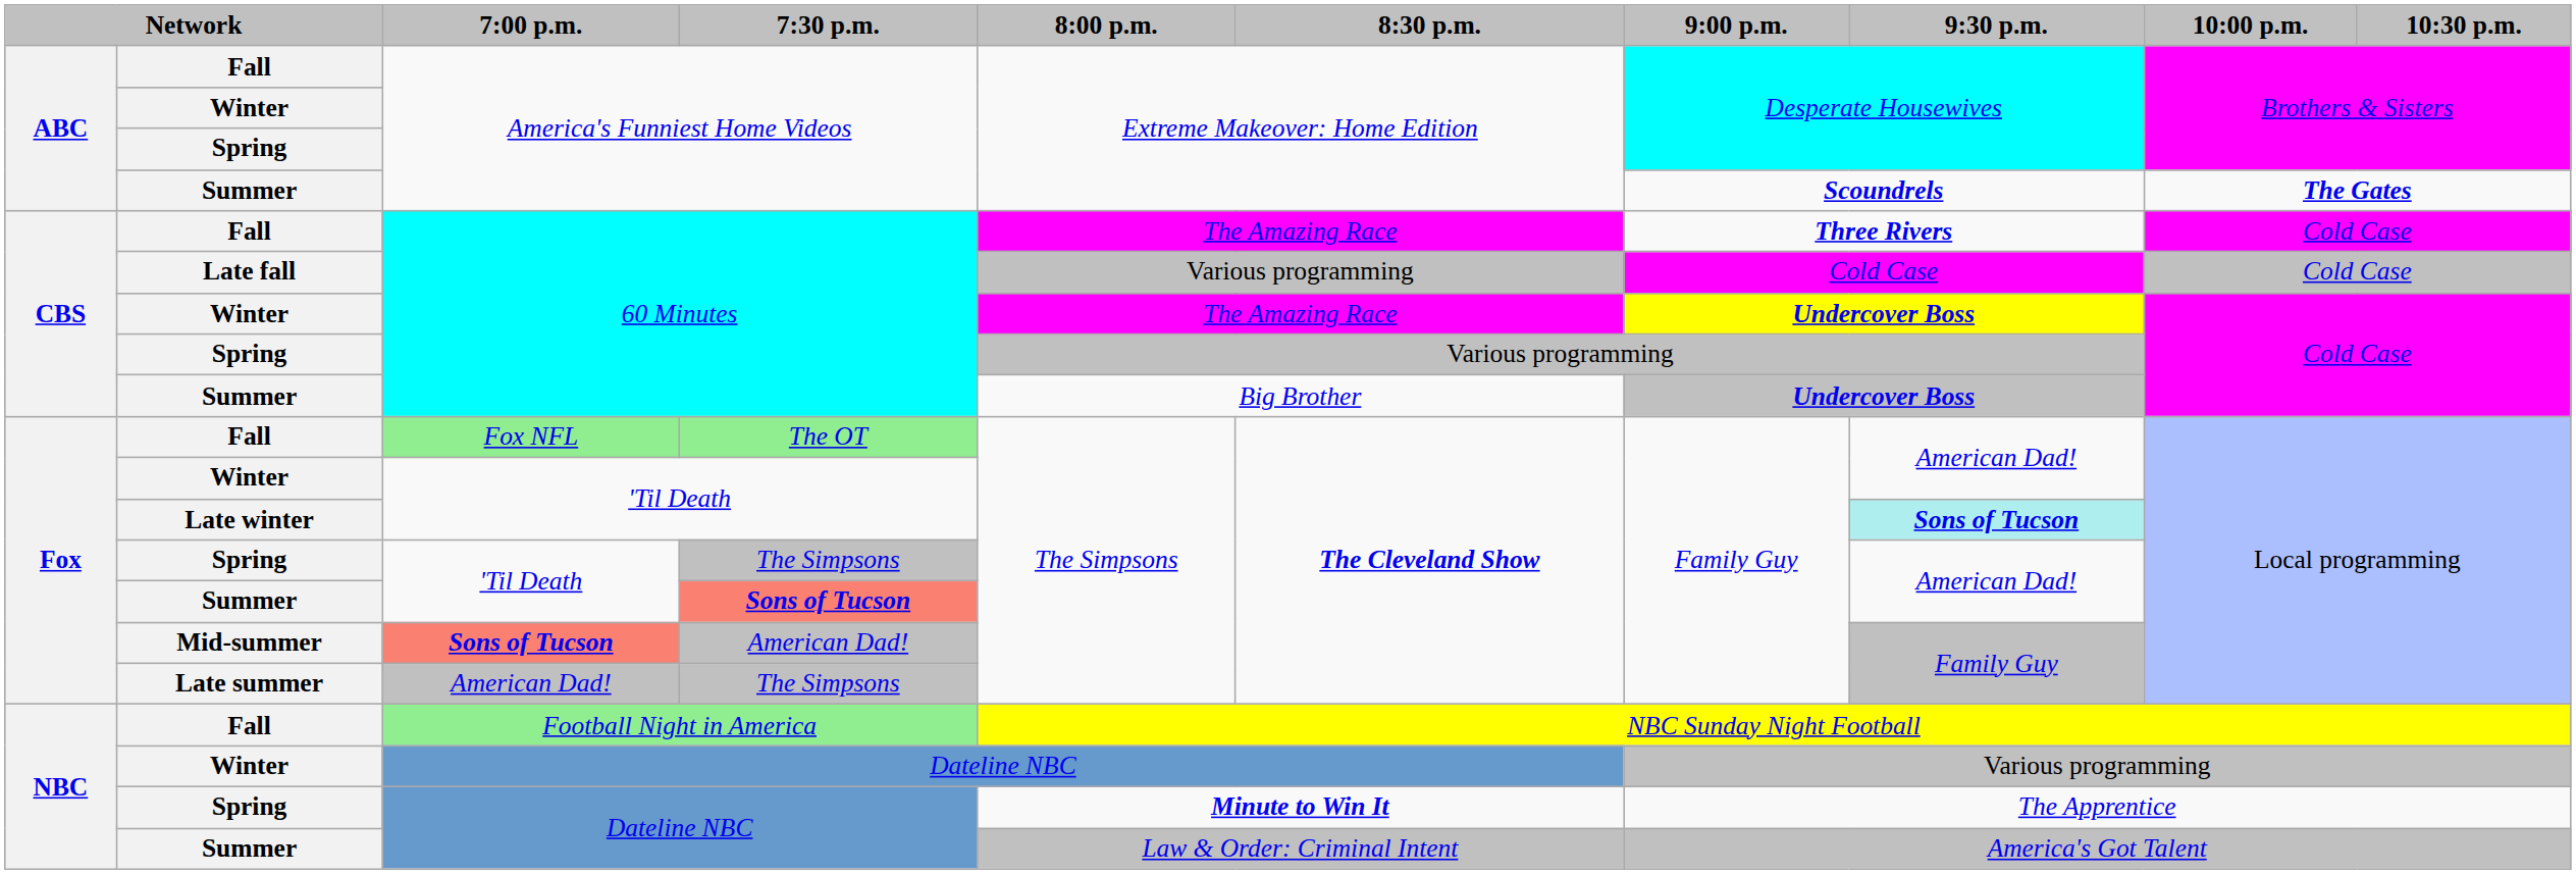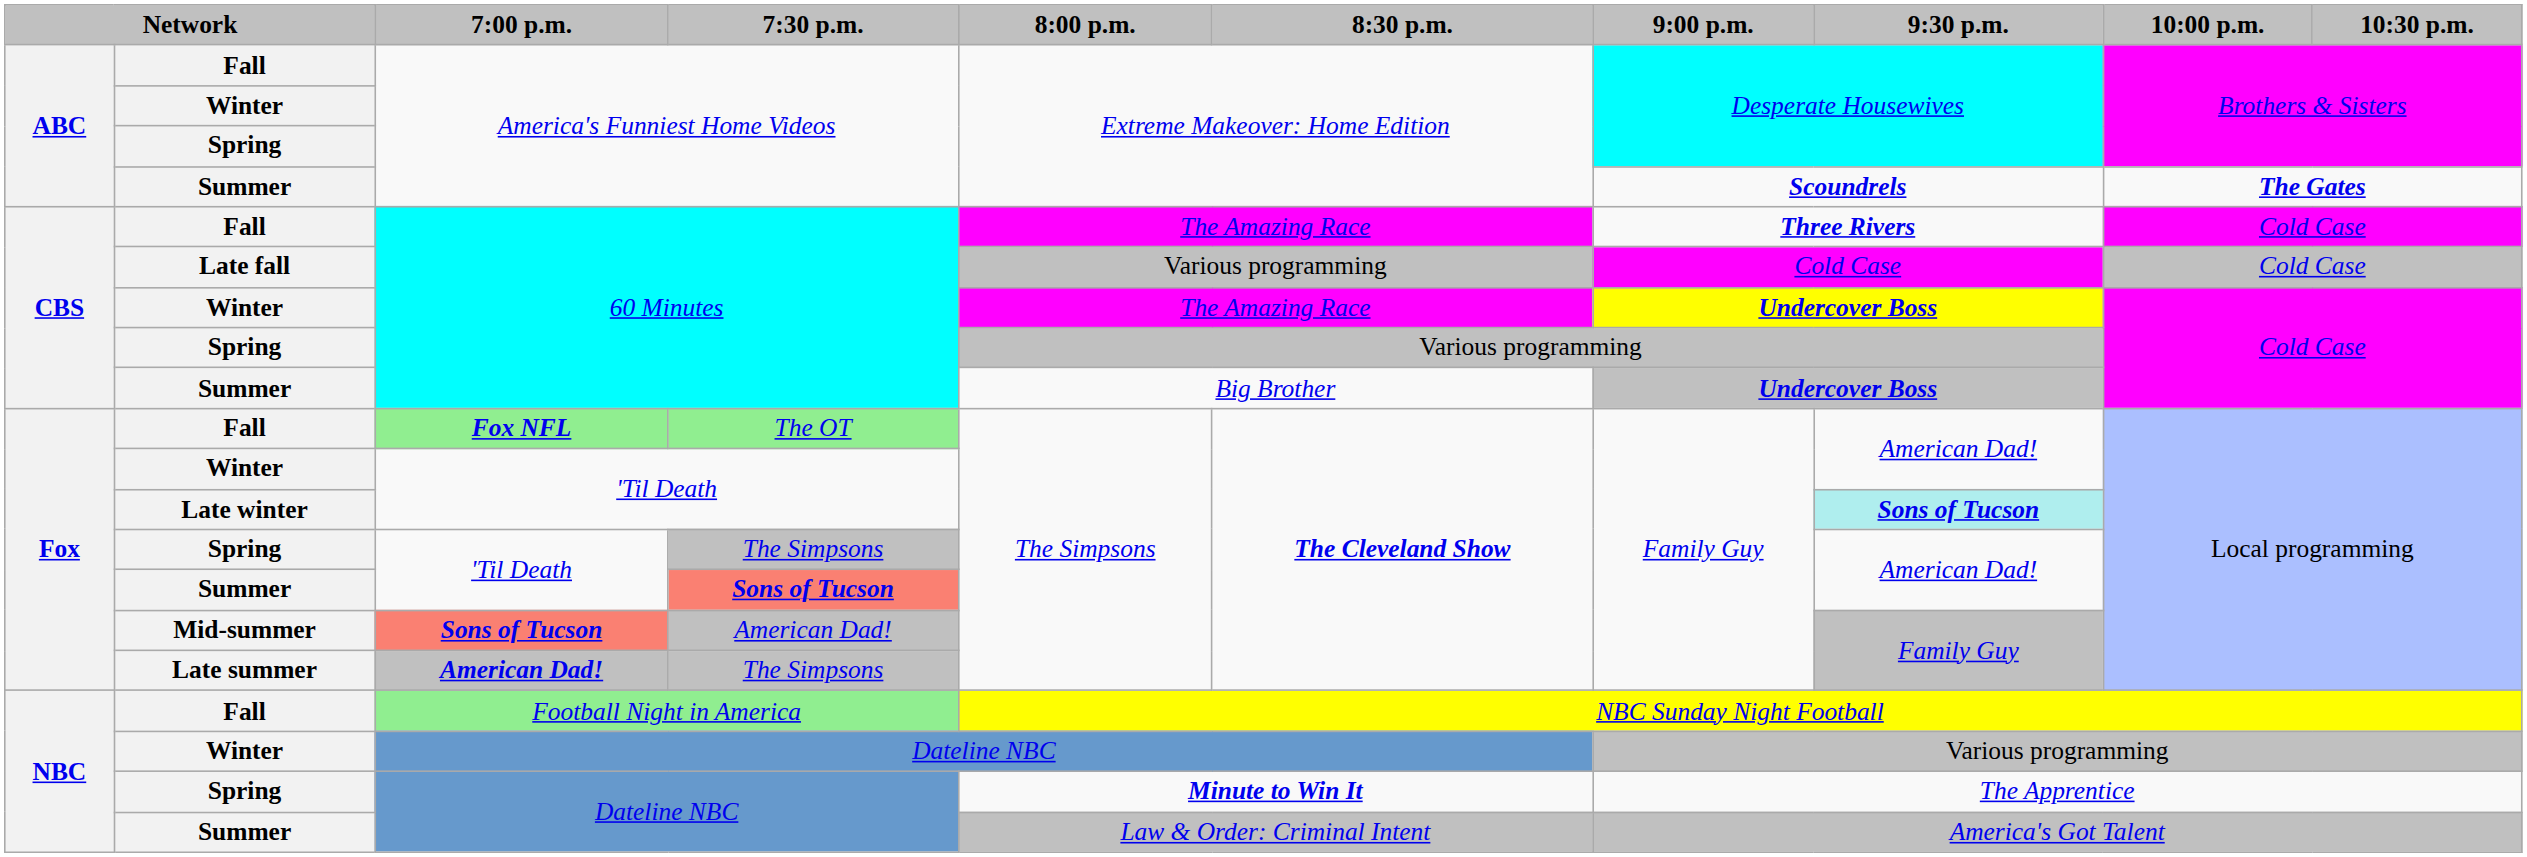 <table class="wikitable" style="width:100%;margin-right:0;text-align:center">
 <tr>
 <th colspan="2" style="background-color:#C0C0C0;text-align:center">Network</th>
 <th style="background-color:#C0C0C0;text-align:center">7:00 p.m.</th>
 <th style="background-color:#C0C0C0;text-align:center">7:30 p.m.</th>
 <th style="background-color:#C0C0C0;text-align:center">8:00 p.m.</th>
 <th style="background-color:#C0C0C0;text-align:center">8:30 p.m.</th>
 <th style="background-color:#C0C0C0;text-align:center">9:00 p.m.</th>
 <th style="background-color:#C0C0C0;text-align:center">9:30 p.m.</th>
 <th style="background-color:#C0C0C0;text-align:center">10:00 p.m.</th>
 <th style="background-color:#C0C0C0;text-align:center">10:30 p.m.</th>
 </tr>
 <tr>
 <th rowspan="4"><a href='#'>ABC</a></th>
 <th>Fall</th>
 <td colspan="2" rowspan="4"><em><a href='#'>America's Funniest Home Videos</a></em></td>
 <td colspan="2" rowspan="4"><em><a href='#'>Extreme Makeover: Home Edition</a></em></td>
 <td style="background:#00FFFF;" colspan="2" rowspan="3"><em><a href='#'>Desperate Housewives</a></em> </td>
 <td style="background:#FF00FF;" colspan="2" rowspan="3"><em><a href='#'>Brothers & Sisters</a></em> </td>
 </tr>
 <tr>
 <th>Winter</th>
 </tr>
 <tr>
 <th>Spring</th>
 </tr>
 <tr>
 <th>Summer</th>
 <td colspan="2"><strong><em><a href='#'>Scoundrels</a></em></strong></td>
 <td colspan="2"><strong><em><a href='#'>The Gates</a></em></strong></td>
 </tr>
 <tr>
 <th rowspan="5"><a href='#'>CBS</a></th>
 <th>Fall</th>
 <td style="background:#00FFFF;" colspan="2" rowspan="5"><em><a href='#'>60 Minutes</a></em> </td>
 <td style="background:#FF00FF;" colspan="2"><em><a href='#'>The Amazing Race</a></em> </td>
 <td colspan="2"><strong><em><a href='#'>Three Rivers</a></em></strong></td>
 <td style="background:#FF00FF;" colspan="2"><em><a href='#'>Cold Case</a></em> </td>
 </tr>
 <tr>
 <th>Late fall</th>
 <td colspan="2" style="background:#C0C0C0;">Various programming</td>
 <td style="background:#FF00FF;" colspan="2"><em><a href='#'>Cold Case</a></em> </td>
 <td style="background:#C0C0C0;" colspan="2"><em><a href='#'>Cold Case</a></em> </td>
 </tr>
 <tr>
 <th>Winter</th>
 <td style="background:#FF00FF;" colspan="2"><em><a href='#'>The Amazing Race</a></em> </td>
 <td style="background:#FFFF00;" colspan="2"><strong><em><a href='#'>Undercover Boss</a></em></strong> </td>
 <td style="background:#FF00FF;" colspan="2" rowspan="3"><em><a href='#'>Cold Case</a></em> </td>
 </tr>
 <tr>
 <th>Spring</th>
 <td colspan="4" style="background:#C0C0C0;">Various programming</td>
 </tr>
 <tr>
 <th>Summer</th>
 <td colspan="2"><em><a href='#'>Big Brother</a></em></td>
 <td style="background:#C0C0C0;" colspan="2"><strong><em><a href='#'>Undercover Boss</a></em></strong> </td>
 </tr>
 <tr>
 <th rowspan="7"><a href='#'>Fox</a></th>
 <th>Fall</th>
-<td style="background:lightgreen;"><em><a href='#'>Fox NFL</a></em> </td>
+<td style="background:lightgreen;"><strong><em><a href='#'>Fox NFL</a></em> </strong></td>
 <td style="background:lightgreen;"><em><a href='#'>The OT</a></em></td>
 <td rowspan="7"><em><a href='#'>The Simpsons</a></em></td>
 <td rowspan="7"><strong><em><a href='#'>The Cleveland Show</a></em></strong></td>
 <td rowspan="7"><em><a href='#'>Family Guy</a></em></td>
 <td rowspan="2"><em><a href='#'>American Dad!</a></em></td>
 <td style="background:#abbfff;" rowspan="7" colspan="2">Local programming</td>
 </tr>
 <tr>
 <th>Winter</th>
 <td rowspan="2" colspan="2"><em><a href='#'>'Til Death</a></em></td>
 </tr>
 <tr>
 <th>Late winter</th>
 <td style="background: paleturquoise;"><strong><em><a href='#'>Sons of Tucson</a></em></strong></td>
 </tr>
 <tr>
 <th>Spring</th>
 <td rowspan="2"><em><a href='#'>'Til Death</a></em></td>
 <td style="background:#C0C0C0;"><em><a href='#'>The Simpsons</a></em> </td>
 <td rowspan="2"><em><a href='#'>American Dad!</a></em></td>
 </tr>
 <tr>
 <th>Summer</th>
 <td style="background:#FA8072;"><strong><em><a href='#'>Sons of Tucson</a></em></strong></td>
 </tr>
 <tr>
 <th>Mid-summer</th>
 <td style="background:#FA8072;"><strong><em><a href='#'>Sons of Tucson</a></em></strong></td>
 <td style="background:#C0C0C0;"><em><a href='#'>American Dad!</a></em> </td>
 <td rowspan="2" style="background:#C0C0C0;"><em><a href='#'>Family Guy</a></em> </td>
 </tr>
 <tr>
 <th>Late summer</th>
-<td style="background:#C0C0C0;"><em><a href='#'>American Dad!</a></em> </td>
+<td style="background:#C0C0C0;"><strong><em><a href='#'>American Dad!</a></em> </strong></td>
 <td style="background:#C0C0C0;"><em><a href='#'>The Simpsons</a></em> </td>
 </tr>
 <tr>
 <th rowspan="4"><a href='#'>NBC</a></th>
 <th>Fall</th>
 <td colspan="2" style="background:lightgreen;"><em><a href='#'>Football Night in America</a></em></td>
 <td colspan="6" style="background:#FFFF00;"><em><a href='#'>NBC Sunday Night Football</a></em>   </td>
 </tr>
 <tr>
 <th>Winter</th>
 <td style="background:#6699CC;" colspan="4"><em><a href='#'>Dateline NBC</a></em></td>
 <td colspan="4" style="background:#C0C0C0;">Various programming</td>
 </tr>
 <tr>
 <th>Spring</th>
 <td style="background:#6699CC" colspan="2" rowspan="2"><em><a href='#'>Dateline NBC</a></em></td>
 <td colspan="2"><strong><em><a href='#'>Minute to Win It</a></em></strong></td>
 <td colspan="4"><em><a href='#'>The Apprentice</a></em></td>
 </tr>
 <tr>
 <th>Summer</th>
 <td colspan="2" style="background:#C0C0C0;"><em><a href='#'>Law & Order: Criminal Intent</a></em> </td>
 <td colspan="4" style="background:#C0C0C0;"><em><a href='#'>America's Got Talent</a></em> </td>
 </tr>
 </table>
